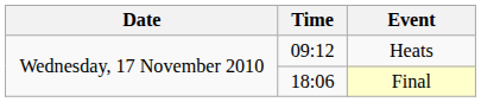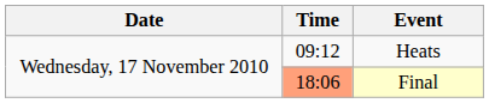 <table class = "wikitable" style="text-align:center;">
 <tr>
 <th width=220>Date</th>
 <th width=50>Time</th>
 <th width=100>Event</th>
 </tr>
 <tr>
 <td rowspan=2>Wednesday, 17 November 2010</td>
 <td>09:12</td>
 <td>Heats</td>
 </tr>
 <tr>
-<td>18:06</td>
+<td style="background: lightsalmon;">18:06</td>
 <td bgcolor=ffffcc>Final</td>
 </tr>
 </table>
